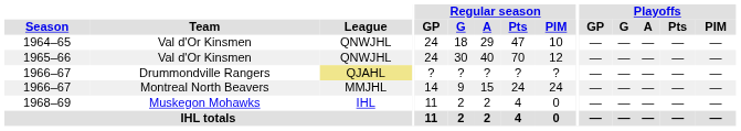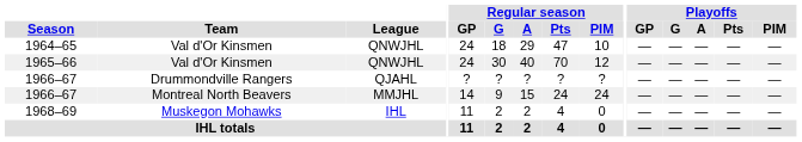 <table border="0" cellpadding="1" cellspacing="0" style="text-align:center; width:60em">
 <tr bgcolor="#e0e0e0">
 <th colspan="3" bgcolor="#ffffff"></th>
 <th rowspan="100" bgcolor="#ffffff"></th>
 <th colspan="5"><a href='#'>Regular season</a></th>
 <th rowspan="100" bgcolor="#ffffff"></th>
 <th colspan="5"><a href='#'>Playoffs</a></th>
 </tr>
 <tr bgcolor="#e0e0e0">
 <th><a href='#'>Season</a></th>
 <th>Team</th>
 <th>League</th>
 <th>GP</th>
 <th><a href='#'>G</a></th>
 <th><a href='#'>A</a></th>
 <th><a href='#'>Pts</a></th>
 <th><a href='#'>PIM</a></th>
 <th>GP</th>
 <th>G</th>
 <th>A</th>
 <th>Pts</th>
 <th>PIM</th>
 </tr>
 <tr>
 <td>1964–65</td>
 <td>Val d'Or Kinsmen</td>
 <td>QNWJHL</td>
 <td>24</td>
 <td>18</td>
 <td>29</td>
 <td>47</td>
 <td>10</td>
 <td>—</td>
 <td>—</td>
 <td>—</td>
 <td>—</td>
 <td>—</td>
 </tr>
 <tr bgcolor="#f0f0f0">
 <td>1965–66</td>
 <td>Val d'Or Kinsmen</td>
 <td>QNWJHL</td>
 <td>24</td>
 <td>30</td>
 <td>40</td>
 <td>70</td>
 <td>12</td>
 <td>—</td>
 <td>—</td>
 <td>—</td>
 <td>—</td>
 <td>—</td>
 </tr>
 <tr>
 <td>1966–67</td>
 <td>Drummondville Rangers</td>
-<td style="background: khaki;">QJAHL</td>
+<td>QJAHL</td>
 <td>?</td>
 <td>?</td>
 <td>?</td>
 <td>?</td>
 <td>?</td>
 <td>—</td>
 <td>—</td>
 <td>—</td>
 <td>—</td>
 <td>—</td>
 </tr>
 <tr bgcolor="#f0f0f0">
 <td>1966–67</td>
 <td>Montreal North Beavers</td>
 <td>MMJHL</td>
 <td>14</td>
 <td>9</td>
 <td>15</td>
 <td>24</td>
 <td>24</td>
 <td>—</td>
 <td>—</td>
 <td>—</td>
 <td>—</td>
 <td>—</td>
 </tr>
 <tr>
 <td>1968–69</td>
 <td><a href='#'>Muskegon Mohawks</a></td>
 <td><a href='#'>IHL</a></td>
 <td>11</td>
 <td>2</td>
 <td>2</td>
 <td>4</td>
 <td>0</td>
 <td>—</td>
 <td>—</td>
 <td>—</td>
 <td>—</td>
 <td>—</td>
 </tr>
 <tr bgcolor="#e0e0e0">
 <th colspan="3">IHL totals</th>
 <th>11</th>
 <th>2</th>
 <th>2</th>
 <th>4</th>
 <th>0</th>
 <th>—</th>
 <th>—</th>
 <th>—</th>
 <th>—</th>
 <th>—</th>
 </tr>
 </table>
